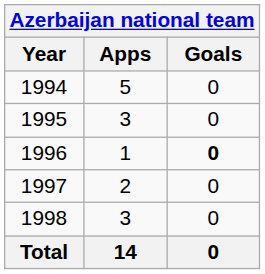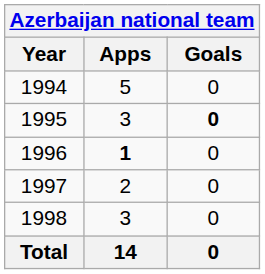 <table class="wikitable" style="text-align:center">
 <tr>
 <th colspan=3><a href='#'>Azerbaijan national team</a></th>
 </tr>
 <tr>
 <th>Year</th>
 <th>Apps</th>
 <th>Goals</th>
 </tr>
 <tr>
 <td>1994</td>
 <td>5</td>
 <td>0</td>
 </tr>
 <tr>
 <td>1995</td>
 <td>3</td>
-<td>0</td>
+<td><strong>0</strong></td>
 </tr>
 <tr>
 <td>1996</td>
-<td>1</td>
-<td><strong>0</strong></td>
+<td><strong>1</strong></td>
+<td>0</td>
 </tr>
 <tr>
 <td>1997</td>
 <td>2</td>
 <td>0</td>
 </tr>
 <tr>
 <td>1998</td>
 <td>3</td>
 <td>0</td>
 </tr>
 <tr>
 <th>Total</th>
 <th>14</th>
 <th>0</th>
 </tr>
 </table>
